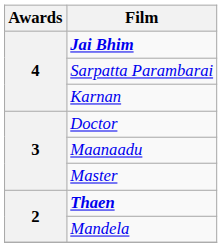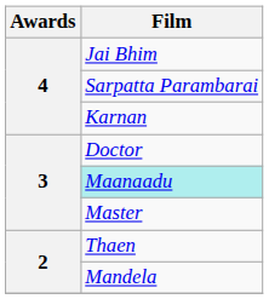 <table class="wikitable" style="display:inline-table;">
 <tr>
 <th>Awards</th>
 <th>Film</th>
 </tr>
 <tr>
 <th rowspan=3>4</th>
-<td><strong><em><a href='#'>Jai Bhim</a></em></strong></td>
+<td><em><a href='#'>Jai Bhim</a></em></td>
 </tr>
 <tr>
 <td><em><a href='#'>Sarpatta Parambarai</a></em></td>
 </tr>
 <tr>
 <td><em><a href='#'>Karnan</a></em></td>
 </tr>
 <tr>
 <th rowspan=3>3</th>
 <td><em><a href='#'>Doctor</a></em></td>
 </tr>
 <tr>
-<td><em><a href='#'>Maanaadu</a></em></td>
+<td style="background: paleturquoise;"><em><a href='#'>Maanaadu</a></em></td>
 </tr>
 <tr>
 <td><em><a href='#'>Master</a></em></td>
 </tr>
 <tr>
 <th rowspan=2>2</th>
-<td><strong><em><a href='#'>Thaen</a></em></strong></td>
+<td><em><a href='#'>Thaen</a></em></td>
 </tr>
 <tr>
 <td><em><a href='#'>Mandela</a></em></td>
 </tr>
 <tr>
 </tr>
 </table>
